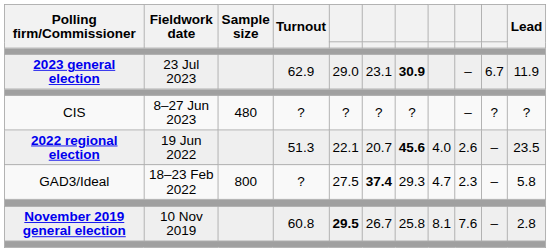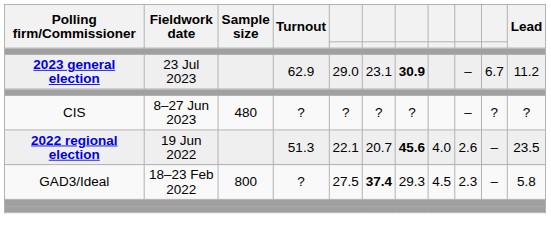 <table class="wikitable collapsible collapsed" style="text-align:center; font-size:95%; line-height:16px;">
 <tr style="height:42px;">
 <th style="width:250px;" rowspan="2">Polling firm/Commissioner</th>
 <th style="width:125px;" rowspan="2">Fieldwork date</th>
 <th style="width:50px;" rowspan="2">Sample size</th>
 <th style="width:45px;" rowspan="2">Turnout</th>
 <th style="width:35px;"></th>
 <th style="width:35px;"></th>
 <th style="width:35px;"></th>
 <th style="width:35px;"></th>
 <th style="width:35px;"></th>
 <th style="width:35px;"></th>
 <th style="width:30px;" rowspan="2">Lead</th>
 </tr>
 <tr>
 <th style="color:inherit;background:"></th>
 <th style="color:inherit;background:"></th>
 <th style="color:inherit;background:"></th>
 <th style="color:inherit;background:"></th>
 <th style="color:inherit;background:"></th>
 <th style="color:inherit;background:"></th>
 </tr>
 <tr>
 <td colspan="11" style="background:#A0A0A0"></td>
 </tr>
 <tr style="background:#EFEFEF;">
 <td><strong><a href='#'>2023 general election</a></strong></td>
 <td>23 Jul 2023</td>
 <td></td>
 <td>62.9</td>
 <td>29.0<br></td>
 <td>23.1<br></td>
 <td><strong>30.9</strong><br></td>
 <td></td>
 <td>–</td>
 <td>6.7<br></td>
-<td style="background:">11.9</td>
+<td style="background:">11.2</td>
 </tr>
 <tr>
 <td colspan="11" style="background:#A0A0A0"></td>
 </tr>
 <tr>
 <td>CIS</td>
 <td>8–27 Jun 2023</td>
 <td>480</td>
 <td>?</td>
 <td>?<br></td>
 <td>?<br></td>
 <td>?<br></td>
 <td></td>
 <td>–</td>
 <td>?<br></td>
 <td style="background:">?</td>
 </tr>
 <tr style="background:#EFEFEF;">
 <td><strong><a href='#'>2022 regional election</a></strong></td>
 <td>19 Jun 2022</td>
 <td></td>
 <td>51.3</td>
 <td>22.1<br></td>
 <td>20.7<br></td>
 <td><strong>45.6</strong><br></td>
 <td>4.0<br></td>
 <td>2.6<br></td>
 <td>–</td>
 <td style="background:">23.5</td>
 </tr>
 <tr>
 <td>GAD3/Ideal</td>
 <td>18–23 Feb 2022</td>
 <td>800</td>
 <td>?</td>
 <td>27.5<br></td>
 <td><strong>37.4</strong><br></td>
 <td>29.3<br></td>
-<td>4.7<br></td>
+<td>4.5<br></td>
 <td>2.3<br></td>
 <td>–</td>
 <td style="background:">5.8</td>
 </tr>
 <tr>
 <td colspan="11" style="background:#A0A0A0"></td>
 </tr>
-<tr style="background:#EFEFEF;">
-<td><strong><a href='#'>November 2019 general election</a></strong></td>
-<td>10 Nov 2019</td>
-<td></td>
-<td>60.8</td>
-<td><strong>29.5</strong><br></td>
-<td>26.7<br></td>
-<td>25.8<br></td>
-<td>8.1<br></td>
-<td>7.6<br></td>
-<td>–</td>
-<td style="background:">2.8</td>
-</tr>
 <tr>
 <td colspan="11" style="background:#A0A0A0"></td>
 </tr>
 </table>
